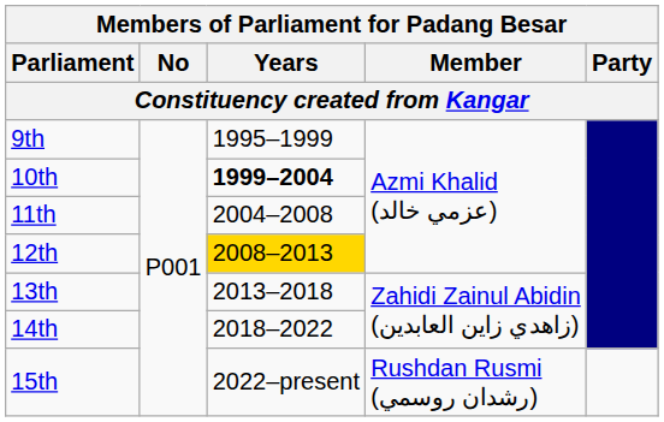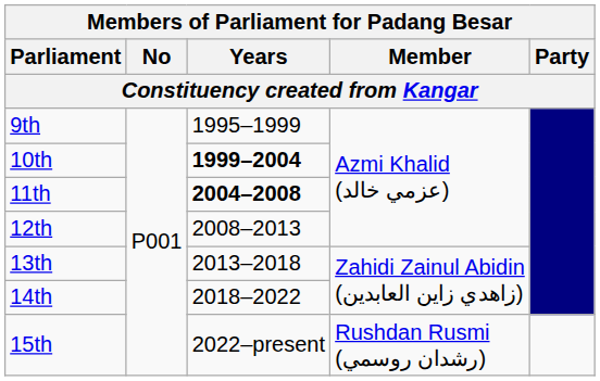 <table class=wikitable>
 <tr>
 <th colspan="5">Members of Parliament for Padang Besar</th>
 </tr>
 <tr>
 <th>Parliament</th>
 <th>No</th>
 <th>Years</th>
 <th>Member</th>
 <th>Party</th>
 </tr>
 <tr>
 <th colspan="5" align="center"><em>Constituency created from <a href='#'>Kangar</a></em></th>
 </tr>
 <tr>
 <td><a href='#'>9th</a></td>
 <td rowspan="7">P001</td>
 <td>1995–1999</td>
 <td rowspan=4><a href='#'>Azmi Khalid</a>  <br> (عزمي خالد)</td>
 <td rowspan="6" bgcolor=#000080></td>
 </tr>
 <tr>
 <td><a href='#'>10th</a></td>
 <td><strong>1999–2004</strong></td>
 </tr>
 <tr>
 <td><a href='#'>11th</a></td>
-<td>2004–2008</td>
+<td><strong>2004–2008</strong></td>
 </tr>
 <tr>
 <td><a href='#'>12th</a></td>
-<td style="background: gold;">2008–2013</td>
+<td>2008–2013</td>
 </tr>
 <tr>
 <td><a href='#'>13th</a></td>
 <td>2013–2018</td>
 <td rowspan="2"><a href='#'>Zahidi Zainul Abidin</a> <br>  (زاهدي زاين العابدين)</td>
 </tr>
 <tr>
 <td><a href='#'>14th</a></td>
 <td>2018–2022</td>
 </tr>
 <tr>
 <td><a href='#'>15th</a></td>
 <td>2022–present</td>
 <td><a href='#'>Rushdan Rusmi</a>  <br> (رشدان روسمي)</td>
 <td></td>
 </tr>
 </table>
